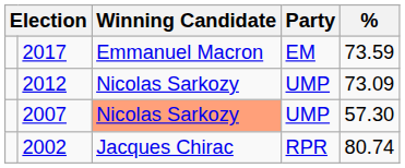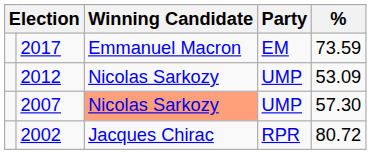 <table class="wikitable">
 <tr>
 <th colspan="2">Election</th>
 <th>Winning Candidate</th>
 <th>Party</th>
 <th>%</th>
 </tr>
 <tr>
 <td style="background-color: "></td>
 <td><a href='#'>2017</a></td>
 <td><a href='#'>Emmanuel Macron</a></td>
 <td><a href='#'>EM</a></td>
 <td>73.59</td>
 </tr>
 <tr>
 <td style="background-color: "></td>
 <td><a href='#'>2012</a></td>
 <td><a href='#'>Nicolas Sarkozy</a></td>
 <td><a href='#'>UMP</a></td>
-<td>73.09</td>
+<td>53.09</td>
 </tr>
 <tr>
 <td style="background-color: "></td>
 <td><a href='#'>2007</a></td>
 <td style="background: lightsalmon;"><a href='#'>Nicolas Sarkozy</a></td>
 <td><a href='#'>UMP</a></td>
 <td>57.30</td>
 </tr>
 <tr>
 <td style="background-color: "></td>
 <td><a href='#'>2002</a></td>
 <td><a href='#'>Jacques Chirac</a></td>
 <td><a href='#'>RPR</a></td>
-<td>80.74</td>
+<td>80.72</td>
 </tr>
 </table>
